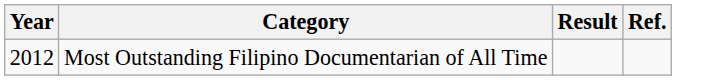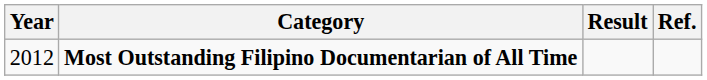 <table class="wikitable plainrowheaders sortable">
 <tr>
 <th>Year</th>
 <th>Category</th>
 <th>Result</th>
 <th>Ref.</th>
 </tr>
 <tr>
 <td>2012</td>
-<td>Most Outstanding Filipino Documentarian of All Time</td>
+<td><strong>Most Outstanding Filipino Documentarian of All Time</strong></td>
 <td></td>
 <td></td>
 </tr>
 </table>
